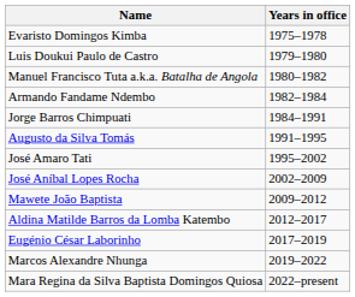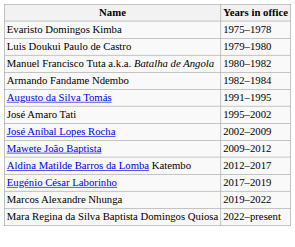 <table class="wikitable sortable">
 <tr>
 <th>Name</th>
 <th>Years in office</th>
 </tr>
 <tr>
 <td>Evaristo Domingos Kimba</td>
 <td>1975–1978</td>
 </tr>
 <tr>
 <td>Luis Doukui Paulo de Castro</td>
 <td>1979–1980</td>
 </tr>
 <tr>
 <td>Manuel Francisco Tuta a.k.a. <em>Batalha de Angola</em></td>
 <td>1980–1982</td>
 </tr>
 <tr>
 <td>Armando Fandame Ndembo</td>
 <td>1982–1984</td>
-</tr>
-<tr>
-<td>Jorge Barros Chimpuati</td>
-<td>1984–1991</td>
 </tr>
 <tr>
 <td><a href='#'>Augusto da Silva Tomás</a></td>
 <td>1991–1995</td>
 </tr>
 <tr>
 <td>José Amaro Tati</td>
 <td>1995–2002</td>
 </tr>
 <tr>
 <td><a href='#'>José Aníbal Lopes Rocha</a></td>
 <td>2002–2009</td>
 </tr>
 <tr>
 <td><a href='#'>Mawete João Baptista</a></td>
 <td>2009–2012</td>
 </tr>
 <tr>
 <td><a href='#'>Aldina Matilde Barros da Lomba</a> Katembo</td>
 <td>2012–2017</td>
 </tr>
 <tr>
 <td><a href='#'>Eugénio César Laborinho</a></td>
 <td>2017–2019</td>
 </tr>
 <tr>
 <td>Marcos Alexandre Nhunga</td>
 <td>2019–2022</td>
 </tr>
 <tr>
 <td>Mara Regina da Silva Baptista Domingos Quiosa</td>
 <td>2022–present</td>
 </tr>
 </table>
